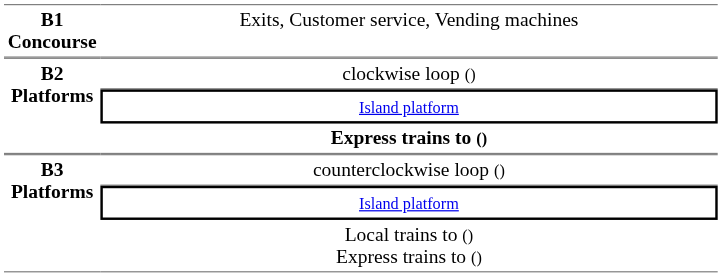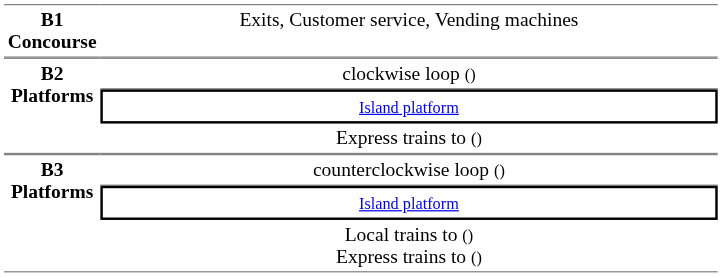 <table table border=0 cellspacing=0 cellpadding=3>
 <tr>
 <td style="border-bottom:solid 1px gray; border-top:solid 1px gray;text-align:center" valign=top><strong>B1<br>Concourse</strong></td>
 <td style="border-bottom:solid 1px gray; border-top:solid 1px gray;text-align:center;" valign=top width=500>Exits, Customer service, Vending machines</td>
 </tr>
 <tr>
 <td style="border-bottom:solid 1px gray; border-top:solid 1px gray;text-align:center" rowspan="3" valign=top><strong>B2<br>Platforms</strong></td>
 <td style="border-bottom:solid 1px gray; border-top:solid 1px gray;text-align:center;"> clockwise loop <small>()</small> </td>
 </tr>
 <tr>
 <td style="border-right:solid 2px black;border-left:solid 2px black;border-top:solid 2px black;border-bottom:solid 2px black;text-align:center;" colspan=2><small><a href='#'>Island platform</a></small></td>
 </tr>
 <tr>
-<td style="border-bottom:solid 1px gray;text-align:center;"><strong> Express trains to  <small>()</small> </strong></td>
+<td style="border-bottom:solid 1px gray;text-align:center;"> Express trains to  <small>()</small> </td>
 </tr>
 <tr>
 <td style="border-bottom:solid 1px gray; border-top:solid 1px gray;text-align:center" rowspan="3" valign=top><strong>B3<br>Platforms</strong></td>
 <td style="border-bottom:solid 1px gray; border-top:solid 1px gray;text-align:center;">  counterclockwise loop <small>()</small></td>
 </tr>
 <tr>
 <td style="border-right:solid 2px black;border-left:solid 2px black;border-top:solid 2px black;border-bottom:solid 2px black;text-align:center;" colspan=2><small><a href='#'>Island platform</a></small></td>
 </tr>
 <tr>
 <td style="border-bottom:solid 1px gray;text-align:center;"> Local trains to  <small>()</small> <br> Express trains to  <small>()</small></td>
 </tr>
 </table>
